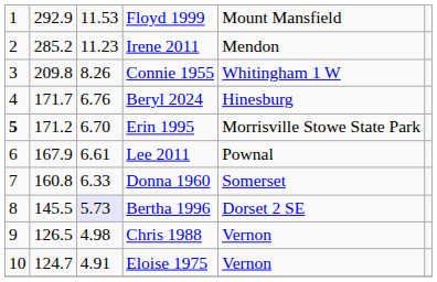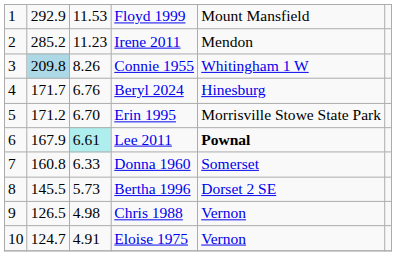 <table class="wikitable">
 <tr>
 <td>1</td>
 <td>292.9</td>
 <td>11.53</td>
 <td><a href='#'>Floyd 1999</a></td>
 <td>Mount Mansfield</td>
 <td></td>
 </tr>
 <tr>
 <td>2</td>
 <td>285.2</td>
 <td>11.23</td>
 <td><a href='#'>Irene 2011</a></td>
 <td>Mendon</td>
 <td></td>
 </tr>
 <tr>
 <td>3</td>
-<td>209.8</td>
+<td style="background: lightblue;">209.8</td>
 <td>8.26</td>
 <td><a href='#'>Connie 1955</a></td>
 <td><a href='#'>Whitingham 1 W</a></td>
 <td></td>
 </tr>
 <tr>
 <td>4</td>
 <td>171.7</td>
 <td>6.76</td>
 <td><a href='#'>Beryl 2024</a></td>
 <td><a href='#'>Hinesburg</a></td>
 <td></td>
 </tr>
 <tr>
-<td><strong>5</strong></td>
+<td>5</td>
 <td>171.2</td>
 <td>6.70</td>
 <td><a href='#'>Erin 1995</a></td>
 <td>Morrisville Stowe State Park</td>
 <td></td>
 </tr>
 <tr>
 <td>6</td>
 <td>167.9</td>
-<td>6.61</td>
+<td style="background: paleturquoise;">6.61</td>
 <td><a href='#'>Lee 2011</a></td>
-<td>Pownal</td>
+<td><strong>Pownal</strong></td>
 <td></td>
 </tr>
 <tr>
 <td>7</td>
 <td>160.8</td>
 <td>6.33</td>
 <td><a href='#'>Donna 1960</a></td>
 <td><a href='#'>Somerset</a></td>
 <td></td>
 </tr>
 <tr>
 <td>8</td>
 <td>145.5</td>
-<td style="background: lavender;">5.73</td>
+<td>5.73</td>
 <td><a href='#'>Bertha 1996</a></td>
 <td><a href='#'>Dorset 2 SE</a></td>
 <td></td>
 </tr>
 <tr>
 <td>9</td>
 <td>126.5</td>
 <td>4.98</td>
 <td><a href='#'>Chris 1988</a></td>
 <td><a href='#'>Vernon</a></td>
 <td></td>
 </tr>
 <tr>
 <td>10</td>
 <td>124.7</td>
 <td>4.91</td>
 <td><a href='#'>Eloise 1975</a></td>
 <td><a href='#'>Vernon</a></td>
 <td></td>
 </tr>
 <tr>
 </tr>
 </table>
